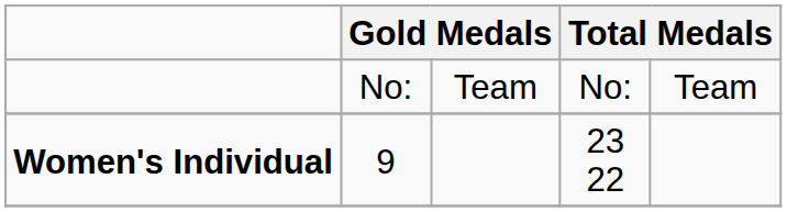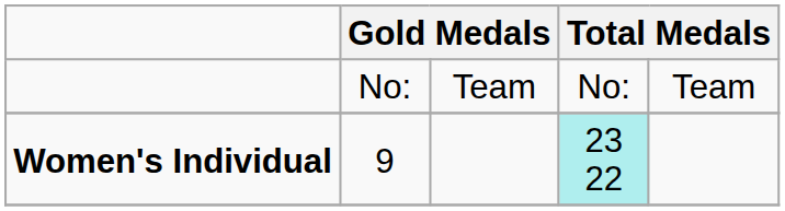 <table class="wikitable" style="text-align: center; font-size:95%;">
 <tr>
 <td></td>
 <th colspan=2>Gold Medals</th>
 <th colspan=2>Total Medals</th>
 </tr>
 <tr>
 <td></td>
 <td>No:</td>
 <td>Team</td>
 <td>No:</td>
 <td>Team</td>
 </tr>
 <tr>
 </tr>
 <tr>
 <td><strong>Women's Individual</strong></td>
 <td>9</td>
 <td align="left"> <br>  </td>
-<td>23 <br> 22</td>
+<td style="background: paleturquoise;">23 <br> 22</td>
 <td align="left"> <br> </td>
 </tr>
 <tr>
 </tr>
 </table>
